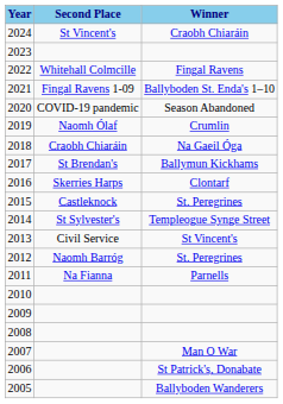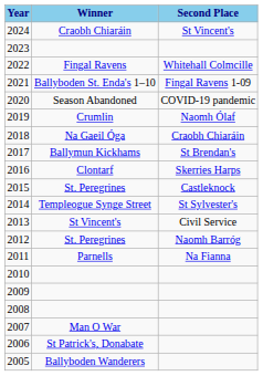 <table class="wikitable" style="text-align:center;">
 <tr>
 <th style="background:skyblue;color:navy;">Year</th>
+<th style="background:skyblue;color:navy;">Winner</th>
 <th style="background:skyblue;color:navy;">Second Place</th>
-<th style="background:skyblue;color:navy;">Winner</th>
 </tr>
 <tr>
 <td>2024</td>
+<td><a href='#'>Craobh Chiaráin</a></td>
 <td><a href='#'>St Vincent's</a></td>
-<td><a href='#'>Craobh Chiaráin</a></td>
 </tr>
 <tr>
 <td>2023</td>
 <td></td>
 <td></td>
 </tr>
 <tr>
 <td>2022</td>
+<td><a href='#'>Fingal Ravens</a></td>
 <td><a href='#'>Whitehall Colmcille</a></td>
-<td><a href='#'>Fingal Ravens</a></td>
 </tr>
 <tr>
 <td>2021</td>
+<td><a href='#'>Ballyboden St. Enda's</a> 1–10</td>
 <td><a href='#'>Fingal Ravens</a> 1-09</td>
-<td><a href='#'>Ballyboden St. Enda's</a> 1–10</td>
 </tr>
 <tr>
 <td>2020</td>
+<td>Season Abandoned</td>
 <td>COVID-19 pandemic</td>
-<td>Season Abandoned</td>
 </tr>
 <tr>
 <td>2019</td>
+<td><a href='#'>Crumlin</a></td>
 <td><a href='#'>Naomh Ólaf</a></td>
-<td><a href='#'>Crumlin</a></td>
 </tr>
 <tr>
 <td>2018</td>
+<td><a href='#'>Na Gaeil Óga</a></td>
 <td><a href='#'>Craobh Chiaráin</a></td>
-<td><a href='#'>Na Gaeil Óga</a></td>
 </tr>
 <tr>
 <td>2017</td>
+<td><a href='#'>Ballymun Kickhams</a></td>
 <td><a href='#'>St Brendan's</a></td>
-<td><a href='#'>Ballymun Kickhams</a></td>
 </tr>
 <tr>
 <td>2016</td>
+<td><a href='#'>Clontarf</a></td>
 <td><a href='#'>Skerries Harps</a></td>
-<td><a href='#'>Clontarf</a></td>
 </tr>
 <tr>
 <td>2015</td>
+<td><a href='#'>St. Peregrines</a></td>
 <td><a href='#'>Castleknock</a></td>
-<td><a href='#'>St. Peregrines</a></td>
 </tr>
 <tr>
 <td>2014</td>
+<td><a href='#'>Templeogue Synge Street</a></td>
 <td><a href='#'>St Sylvester's</a></td>
-<td><a href='#'>Templeogue Synge Street</a></td>
 </tr>
 <tr>
 <td>2013</td>
+<td><a href='#'>St Vincent's</a></td>
 <td>Civil Service</td>
-<td><a href='#'>St Vincent's</a></td>
 </tr>
 <tr>
 <td>2012</td>
+<td><a href='#'>St. Peregrines</a></td>
 <td><a href='#'>Naomh Barróg</a></td>
-<td><a href='#'>St. Peregrines</a></td>
 </tr>
 <tr>
 <td>2011</td>
+<td><a href='#'>Parnells</a></td>
 <td><a href='#'>Na Fianna</a></td>
-<td><a href='#'>Parnells</a></td>
 </tr>
 <tr>
 <td>2010</td>
 <td></td>
 <td></td>
 </tr>
 <tr>
 <td>2009</td>
 <td></td>
 <td></td>
 </tr>
 <tr>
 <td>2008</td>
 <td></td>
 <td></td>
 </tr>
 <tr>
 <td>2007</td>
+<td><a href='#'>Man O War</a></td>
 <td></td>
-<td><a href='#'>Man O War</a></td>
 </tr>
 <tr>
 <td>2006</td>
+<td><a href='#'>St Patrick's, Donabate</a></td>
 <td></td>
-<td><a href='#'>St Patrick's, Donabate</a></td>
 </tr>
 <tr>
 <td>2005</td>
+<td><a href='#'>Ballyboden Wanderers</a></td>
 <td></td>
-<td><a href='#'>Ballyboden Wanderers</a></td>
 </tr>
 </table>
